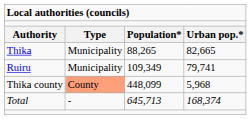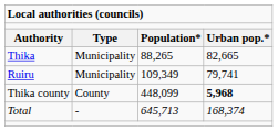 <table class="wikitable">
 <tr>
 <td colspan="4"><strong>Local authorities (councils)</strong></td>
 </tr>
 <tr>
 <td colspan="4"></td>
 </tr>
 <tr>
 <th>Authority</th>
 <th>Type</th>
 <th>Population*</th>
 <th>Urban pop.*</th>
 </tr>
 <tr>
 <td><a href='#'>Thika</a></td>
 <td>Municipality</td>
 <td>88,265</td>
 <td>82,665</td>
 </tr>
 <tr>
 <td><a href='#'>Ruiru</a></td>
 <td>Municipality</td>
 <td>109,349</td>
 <td>79,741</td>
 </tr>
 <tr>
 <td>Thika county</td>
-<td style="background: lightsalmon;">County</td>
+<td>County</td>
 <td>448,099</td>
-<td>5,968</td>
+<td><strong>5,968</strong></td>
 </tr>
 <tr>
 <td><em>Total</em></td>
 <td>-</td>
 <td><em>645,713</em></td>
 <td><em>168,374</em></td>
 </tr>
 <tr>
 <td colspan="4"></td>
 </tr>
 </table>
